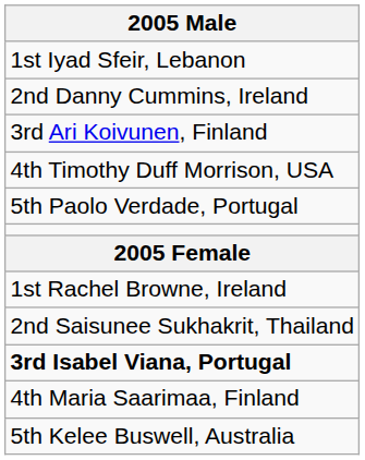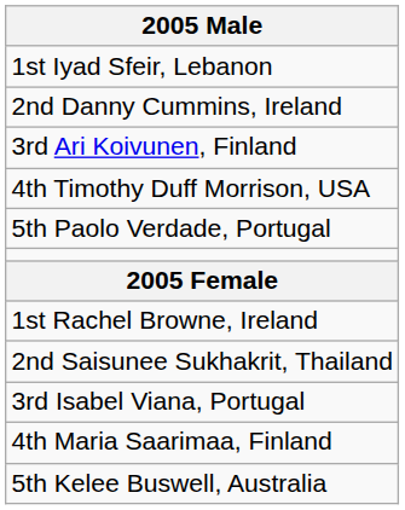 <table class="wikitable" style="float:left; margin-right:1em">
 <tr>
 <th>2005 Male</th>
 </tr>
 <tr>
 <td>1st Iyad Sfeir, Lebanon</td>
 </tr>
 <tr>
 <td>2nd Danny Cummins, Ireland</td>
 </tr>
 <tr>
 <td>3rd <a href='#'>Ari Koivunen</a>, Finland</td>
 </tr>
 <tr>
 <td>4th Timothy Duff Morrison, USA</td>
 </tr>
 <tr>
 <td>5th Paolo Verdade, Portugal</td>
 </tr>
 <tr>
 <td></td>
 </tr>
 <tr>
 <th>2005 Female</th>
 </tr>
 <tr>
 <td>1st Rachel Browne, Ireland</td>
 </tr>
 <tr>
 <td>2nd Saisunee Sukhakrit, Thailand</td>
 </tr>
 <tr>
-<td><strong>3rd Isabel Viana, Portugal</strong></td>
+<td>3rd Isabel Viana, Portugal</td>
 </tr>
 <tr>
 <td>4th Maria Saarimaa, Finland</td>
 </tr>
 <tr>
 <td>5th Kelee Buswell, Australia</td>
 </tr>
 </table>
